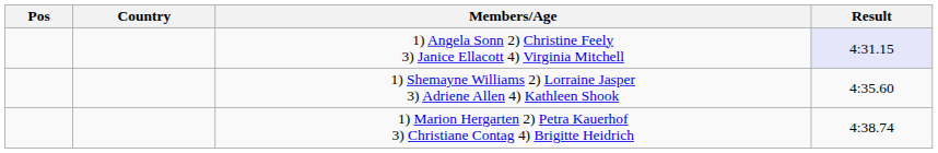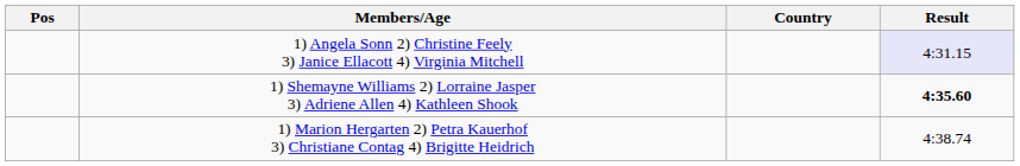 <table class="wikitable"  style="text-align:center; width:80%;">
 <tr>
 <th>Pos</th>
+<th>Members/Age</th>
 <th>Country</th>
-<th>Members/Age</th>
 <th>Result</th>
 </tr>
 <tr>
 <td align=center></td>
+<td>1) <a href='#'>Angela Sonn</a> 2) <a href='#'>Christine Feely</a><br>3) <a href='#'>Janice Ellacott</a> 4) <a href='#'>Virginia Mitchell</a></td>
 <td align=left></td>
-<td>1) <a href='#'>Angela Sonn</a> 2) <a href='#'>Christine Feely</a><br>3) <a href='#'>Janice Ellacott</a> 4) <a href='#'>Virginia Mitchell</a></td>
 <td style="background: lavender;">4:31.15</td>
 </tr>
 <tr>
 <td align=center></td>
+<td>1) <a href='#'>Shemayne Williams</a> 2) <a href='#'>Lorraine Jasper</a><br>3) <a href='#'>Adriene Allen</a> 4) <a href='#'>Kathleen Shook</a></td>
 <td align=left></td>
-<td>1) <a href='#'>Shemayne Williams</a> 2) <a href='#'>Lorraine Jasper</a><br>3) <a href='#'>Adriene Allen</a> 4) <a href='#'>Kathleen Shook</a></td>
-<td>4:35.60</td>
+<td><strong>4:35.60</strong></td>
 </tr>
 <tr>
 <td align=center></td>
+<td>1) <a href='#'>Marion Hergarten</a> 2) <a href='#'>Petra Kauerhof</a><br>3) <a href='#'>Christiane Contag</a> 4) <a href='#'>Brigitte Heidrich</a></td>
 <td align=left></td>
-<td>1) <a href='#'>Marion Hergarten</a> 2) <a href='#'>Petra Kauerhof</a><br>3) <a href='#'>Christiane Contag</a> 4) <a href='#'>Brigitte Heidrich</a></td>
 <td>4:38.74</td>
 </tr>
 </table>
